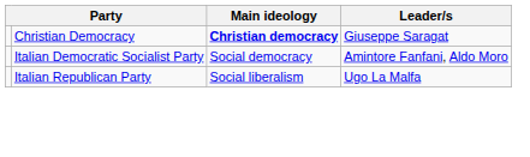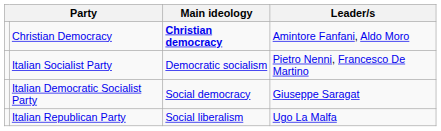 <table class="wikitable" style="font-size:95%">
 <tr>
 <th colspan=2>Party</th>
 <th>Main ideology</th>
 <th>Leader/s</th>
 </tr>
 <tr>
 <td></td>
 <td><a href='#'>Christian Democracy</a></td>
 <td><strong><a href='#'>Christian democracy</a></strong></td>
-<td><a href='#'>Giuseppe Saragat</a></td>
+<td><a href='#'>Amintore Fanfani</a>, <a href='#'>Aldo Moro</a></td>
+</tr>
+<tr>
+<td></td>
+<td><a href='#'>Italian Socialist Party</a></td>
+<td><a href='#'>Democratic socialism</a></td>
+<td><a href='#'>Pietro Nenni</a>, <a href='#'>Francesco De Martino</a></td>
 </tr>
 <tr>
 <td></td>
 <td><a href='#'>Italian Democratic Socialist Party</a></td>
 <td><a href='#'>Social democracy</a></td>
-<td><a href='#'>Amintore Fanfani</a>, <a href='#'>Aldo Moro</a></td>
+<td><a href='#'>Giuseppe Saragat</a></td>
 </tr>
 <tr>
 <td></td>
 <td><a href='#'>Italian Republican Party</a></td>
 <td><a href='#'>Social liberalism</a></td>
 <td><a href='#'>Ugo La Malfa</a></td>
 </tr>
 </table>
